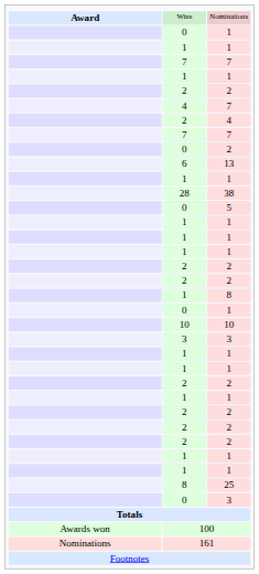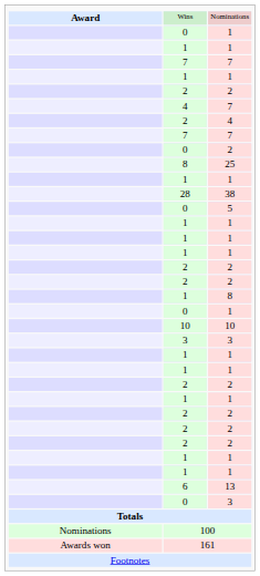 <table class="infobox" style="width: 25em; text-align: left; font-size: 90%; vertical-align: middle;">
 <tr>
 <td colspan="3" style="text-align:center;"></td>
 </tr>
 <tr style="background:#d9e8ff; text-align:center;">
 <th style="vertical-align: middle;">Award</th>
 <td style="background:#cec; font-size:8pt; width:60px;">Wins</td>
 <td style="background:#ecc; font-size:8pt; width:60px;">Nominations</td>
 </tr>
 <tr style="background:#ddf;">
 <td style="text-align:center;"><br></td>
 <td style="text-align:center; background:#dfd; vertical-align:middle;">0</td>
 <td style="text-align:center; background:#fdd; vertical-align:middle;">1</td>
 </tr>
 <tr style="background:#eef;">
 <td style="text-align:center;"><br></td>
 <td style="text-align:center; background:#dfd; vertical-align:middle;">1</td>
 <td style="text-align:center; background:#fdd; vertical-align:middle;">1</td>
 </tr>
 <tr style="background:#ddf;">
 <td style="text-align:center;"><br></td>
 <td style="text-align:center; background:#dfd; vertical-align:middle;">7</td>
 <td style="text-align:center; background:#fdd; vertical-align:middle;">7</td>
 </tr>
 <tr style="background:#eef;">
 <td style="text-align:center;"><br></td>
 <td style="text-align:center; background:#dfd; vertical-align:middle;">1</td>
 <td style="text-align:center; background:#fdd; vertical-align:middle;">1</td>
 </tr>
 <tr style="background:#ddf;">
 <td style="text-align:center;"><br></td>
 <td style="text-align:center; background:#dfd; vertical-align:middle;">2</td>
 <td style="text-align:center; background:#fdd; vertical-align:middle;">2</td>
 </tr>
 <tr style="background:#eef;">
 <td style="text-align:center;"><br></td>
 <td style="text-align:center; background:#dfd; vertical-align:middle;">4</td>
 <td style="text-align:center; background:#fdd; vertical-align:middle;">7</td>
 </tr>
 <tr style="background:#ddf;">
 <td style="text-align:center;"><br></td>
 <td style="text-align:center; background:#dfd; vertical-align:middle;">2</td>
 <td style="text-align:center; background:#fdd; vertical-align:middle;">4</td>
 </tr>
 <tr style="background:#eef;">
 <td style="text-align:center;"><br></td>
 <td style="text-align:center; background:#dfd; vertical-align:middle;">7</td>
 <td style="text-align:center; background:#fdd; vertical-align:middle;">7</td>
 </tr>
 <tr style="background:#ddf;">
 <td style="text-align:center;"><br></td>
 <td style="text-align:center; background:#dfd; vertical-align:middle;">0</td>
 <td style="text-align:center; background:#fdd; vertical-align:middle;">2</td>
 </tr>
 <tr style="background:#eef;">
 <td style="text-align:center;"><br></td>
-<td style="text-align:center; background:#dfd; vertical-align:middle;">6</td>
-<td style="text-align:center; background:#fdd; vertical-align:middle;">13</td>
+<td style="text-align:center; background:#dfd; vertical-align:middle;">8</td>
+<td style="text-align:center; background:#fdd; vertical-align:middle;">25</td>
 </tr>
 <tr style="background:#ddf;">
 <td style="text-align:center;"><br></td>
 <td style="text-align:center; background:#dfd; vertical-align:middle;">1</td>
 <td style="text-align:center; background:#fdd; vertical-align:middle;">1</td>
 </tr>
 <tr style="background:#eef;">
 <td style="text-align:center;"><br></td>
 <td style="text-align:center; background:#dfd; vertical-align:middle;">28</td>
 <td style="text-align:center; background:#fdd; vertical-align:middle;">38</td>
 </tr>
 <tr style="background:#ddf;">
 <td style="text-align:center;"><br></td>
 <td style="text-align:center; background:#dfd; vertical-align:middle;">0</td>
 <td style="text-align:center; background:#fdd; vertical-align:middle;">5</td>
 </tr>
 <tr style="background:#eef;">
 <td style="text-align:center;"><br></td>
 <td style="text-align:center; background:#dfd; vertical-align:middle;">1</td>
 <td style="text-align:center; background:#fdd; vertical-align:middle;">1</td>
 </tr>
 <tr style="background:#ddf;">
 <td style="text-align:center;"><br></td>
 <td style="text-align:center; background:#dfd; vertical-align:middle;">1</td>
 <td style="text-align:center; background:#fdd; vertical-align:middle;">1</td>
 </tr>
 <tr style="background:#eef;">
 <td style="text-align:center;"><br></td>
 <td style="text-align:center; background:#dfd; vertical-align:middle;">1</td>
 <td style="text-align:center; background:#fdd; vertical-align:middle;">1</td>
 </tr>
 <tr style="background:#ddf;">
 <td style="text-align:center;"><br></td>
 <td style="text-align:center; background:#dfd; vertical-align:middle;">2</td>
 <td style="text-align:center; background:#fdd; vertical-align:middle;">2</td>
 </tr>
 <tr style="background:#eef;">
 <td style="text-align:center;"><br></td>
 <td style="text-align:center; background:#dfd; vertical-align:middle;">2</td>
 <td style="text-align:center; background:#fdd; vertical-align:middle;">2</td>
 </tr>
 <tr style="background:#ddf;">
 <td style="text-align:center;"><br></td>
 <td style="text-align:center; background:#dfd; vertical-align:middle;">1</td>
 <td style="text-align:center; background:#fdd; vertical-align:middle;">8</td>
 </tr>
 <tr style="background:#eef;">
 <td style="text-align:center;"><br></td>
 <td style="text-align:center; background:#dfd; vertical-align:middle;">0</td>
 <td style="text-align:center; background:#fdd; vertical-align:middle;">1</td>
 </tr>
 <tr style="background:#ddf;">
 <td style="text-align:center;"><br></td>
 <td style="text-align:center; background:#dfd; vertical-align:middle;">10</td>
 <td style="text-align:center; background:#fdd; vertical-align:middle;">10</td>
 </tr>
 <tr style="background:#eef;">
 <td style="text-align:center;"><br></td>
 <td style="text-align:center; background:#dfd; vertical-align:middle;">3</td>
 <td style="text-align:center; background:#fdd; vertical-align:middle;">3</td>
 </tr>
 <tr style="background:#ddf;">
 <td style="text-align:center;"><br></td>
 <td style="text-align:center; background:#dfd; vertical-align:middle;">1</td>
 <td style="text-align:center; background:#fdd; vertical-align:middle;">1</td>
 </tr>
 <tr style="background:#eef;">
 <td style="text-align:center;"><br></td>
 <td style="text-align:center; background:#dfd; vertical-align:middle;">1</td>
 <td style="text-align:center; background:#fdd; vertical-align:middle;">1</td>
 </tr>
 <tr style="background:#ddf;">
 <td style="text-align:center;"><br></td>
 <td style="text-align:center; background:#dfd; vertical-align:middle;">2</td>
 <td style="text-align:center; background:#fdd; vertical-align:middle;">2</td>
 </tr>
 <tr style="background:#eef;">
 <td style="text-align:center;"><br></td>
 <td style="text-align:center; background:#dfd; vertical-align:middle;">1</td>
 <td style="text-align:center; background:#fdd; vertical-align:middle;">1</td>
 </tr>
 <tr style="background:#ddf;">
 <td style="text-align:center;"><br></td>
 <td style="text-align:center; background:#dfd; vertical-align:middle;">2</td>
 <td style="text-align:center; background:#fdd; vertical-align:middle;">2</td>
 </tr>
 <tr style="background:#eef;">
 <td style="text-align:center;"><br></td>
 <td style="text-align:center; background:#dfd; vertical-align:middle;">2</td>
 <td style="text-align:center; background:#fdd; vertical-align:middle;">2</td>
 </tr>
 <tr style="background:#ddf;">
 <td style="text-align:center;"><br></td>
 <td style="text-align:center; background:#dfd; vertical-align:middle;">2</td>
 <td style="text-align:center; background:#fdd; vertical-align:middle;">2</td>
 </tr>
 <tr style="background:#eef;">
 <td style="text-align:center;"><br></td>
 <td style="text-align:center; background:#dfd; vertical-align:middle;">1</td>
 <td style="text-align:center; background:#fdd; vertical-align:middle;">1</td>
 </tr>
 <tr style="background:#ddf;">
 <td style="text-align:center;"><br></td>
 <td style="text-align:center; background:#dfd; vertical-align:middle;">1</td>
 <td style="text-align:center; background:#fdd; vertical-align:middle;">1</td>
 </tr>
 <tr style="background:#eef;">
 <td style="text-align:center;"><br></td>
-<td style="text-align:center; background:#dfd; vertical-align:middle;">8</td>
-<td style="text-align:center; background:#fdd; vertical-align:middle;">25</td>
+<td style="text-align:center; background:#dfd; vertical-align:middle;">6</td>
+<td style="text-align:center; background:#fdd; vertical-align:middle;">13</td>
 </tr>
 <tr style="background:#ddf;">
 <td style="text-align:center;"><br></td>
 <td style="text-align:center; background:#dfd; vertical-align:middle;">0</td>
 <td style="text-align:center; background:#fdd; vertical-align:middle;">3</td>
 </tr>
 <tr style="background:#d9e8ff;">
 <td colspan="3" style="text-align:center;"><strong>Totals</strong></td>
 </tr>
 <tr style="background:#dfd; text-align:center;">
-<td>Awards won</td>
+<td>Nominations</td>
 <td colspan="2"  style="text-size:0.9em; vertical-align:middle; width:50px;">100</td>
 </tr>
 <tr style="background:#fdd; text-align:center;">
-<td>Nominations</td>
+<td>Awards won</td>
 <td colspan="2"  style="text-size:0.9em; vertical-align:middle; width:50px;">161</td>
 </tr>
 <tr style="background:#d9e8ff;">
 <td colspan="3" style="text-align:center;"><a href='#'>Footnotes</a></td>
 </tr>
 </table>
